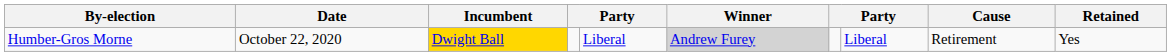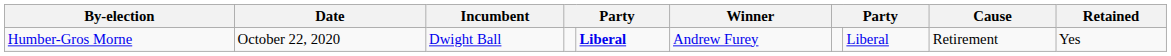 <table class=wikitable style="width:100%">
 <tr>
 <th>By-election</th>
 <th>Date</th>
 <th>Incumbent</th>
 <th colspan=2>Party</th>
 <th>Winner</th>
 <th colspan=2>Party</th>
 <th>Cause</th>
 <th>Retained</th>
 </tr>
 <tr>
 <td><a href='#'>Humber-Gros Morne</a></td>
 <td>October 22, 2020</td>
-<td style="background: gold;"><a href='#'>Dwight Ball</a></td>
+<td><a href='#'>Dwight Ball</a></td>
 <td></td>
-<td><a href='#'>Liberal</a></td>
-<td style="background: lightgrey;"><a href='#'>Andrew Furey</a></td>
+<td><strong><a href='#'>Liberal</a></strong></td>
+<td><a href='#'>Andrew Furey</a></td>
 <td></td>
 <td><a href='#'>Liberal</a></td>
 <td>Retirement</td>
 <td>Yes</td>
 </tr>
 </table>
